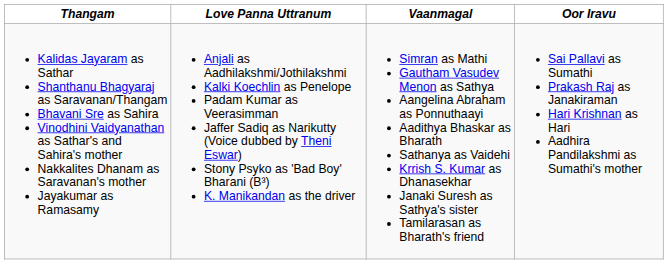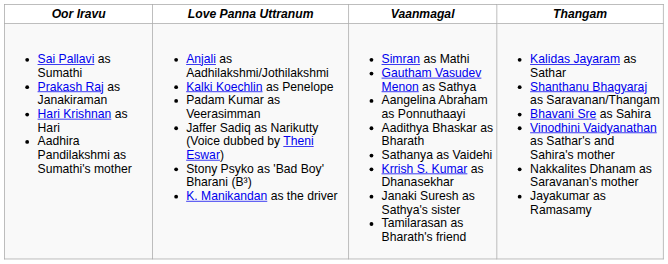 <table class=wikitable>
 <tr>
-<th style="background:#ffffff; width:20%"><em>Thangam</em></th>
+<th style="background:#ffffff; width:20%"><em>Oor Iravu</em></th>
 <th style="background:#ffffff; width:20%"><em>Love Panna Uttranum</em></th>
 <th style="background:#ffffff; width:20%"><em>Vaanmagal</em></th>
-<th style="background:#ffffff; width:20%"><em>Oor Iravu</em></th>
+<th style="background:#ffffff; width:20%"><em>Thangam</em></th>
 </tr>
 <tr>
-<td valign="top"><br><ul><li><a href='#'>Kalidas Jayaram</a> as Sathar</li><li><a href='#'>Shanthanu Bhagyaraj</a> as Saravanan/Thangam</li><li><a href='#'>Bhavani Sre</a> as Sahira</li><li><a href='#'>Vinodhini Vaidyanathan</a> as Sathar's and Sahira's mother</li><li>Nakkalites Dhanam as Saravanan's mother</li><li>Jayakumar as Ramasamy</li></ul></td>
+<td valign="top"><br><ul><li><a href='#'>Sai Pallavi</a> as Sumathi</li><li><a href='#'>Prakash Raj</a> as Janakiraman</li><li><a href='#'>Hari Krishnan</a> as Hari</li><li>Aadhira Pandilakshmi as Sumathi's mother</li></ul></td>
 <td valign="top"><br><ul><li><a href='#'>Anjali</a> as Aadhilakshmi/Jothilakshmi</li><li><a href='#'>Kalki Koechlin</a> as Penelope</li><li>Padam Kumar as Veerasimman</li><li>Jaffer Sadiq as Narikutty (Voice dubbed by <a href='#'>Theni Eswar</a>)</li><li>Stony Psyko as 'Bad Boy' Bharani (B³)</li><li><a href='#'>K. Manikandan</a> as the driver</li></ul></td>
 <td valign="top"><br><ul><li><a href='#'>Simran</a> as Mathi</li><li><a href='#'>Gautham Vasudev Menon</a> as Sathya</li><li>Aangelina Abraham as Ponnuthaayi</li><li>Aadithya Bhaskar as Bharath</li><li>Sathanya as Vaidehi</li><li><a href='#'>Krrish S. Kumar</a> as Dhanasekhar</li><li>Janaki Suresh as Sathya's sister</li><li>Tamilarasan as Bharath's friend</li></ul></td>
-<td valign="top"><br><ul><li><a href='#'>Sai Pallavi</a> as Sumathi</li><li><a href='#'>Prakash Raj</a> as Janakiraman</li><li><a href='#'>Hari Krishnan</a> as Hari</li><li>Aadhira Pandilakshmi as Sumathi's mother</li></ul></td>
+<td valign="top"><br><ul><li><a href='#'>Kalidas Jayaram</a> as Sathar</li><li><a href='#'>Shanthanu Bhagyaraj</a> as Saravanan/Thangam</li><li><a href='#'>Bhavani Sre</a> as Sahira</li><li><a href='#'>Vinodhini Vaidyanathan</a> as Sathar's and Sahira's mother</li><li>Nakkalites Dhanam as Saravanan's mother</li><li>Jayakumar as Ramasamy</li></ul></td>
 </tr>
 </table>
